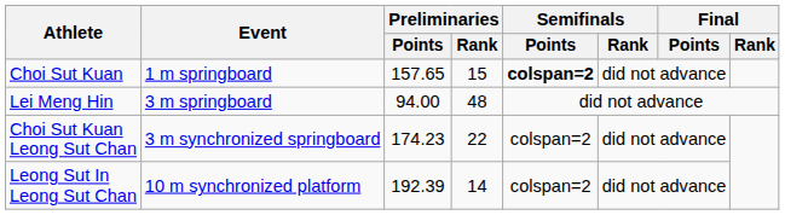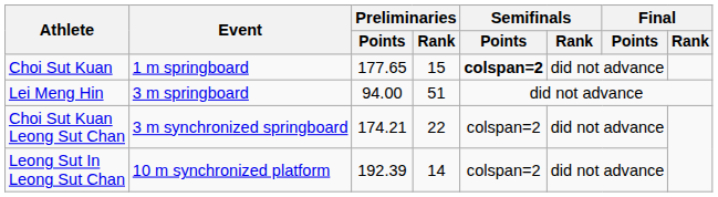 <table class="wikitable" style="text-align:center; font-size:90%">
 <tr>
 <th rowspan=2>Athlete</th>
 <th rowspan=2>Event</th>
 <th colspan=2>Preliminaries</th>
 <th colspan=2>Semifinals</th>
 <th colspan=2>Final</th>
 </tr>
 <tr style="font-size:95%">
 <th>Points</th>
 <th>Rank</th>
 <th>Points</th>
 <th>Rank</th>
 <th>Points</th>
 <th>Rank</th>
 </tr>
 <tr>
 <td align=left><a href='#'>Choi Sut Kuan</a></td>
 <td align=left><a href='#'>1 m springboard</a></td>
-<td>157.65</td>
+<td>177.65</td>
 <td>15</td>
 <td><strong>colspan=2 </strong></td>
 <td colspan=2>did not advance</td>
 </tr>
 <tr>
 <td align=left><a href='#'>Lei Meng Hin</a></td>
 <td align=left><a href='#'>3 m springboard</a></td>
 <td>94.00</td>
-<td>48</td>
+<td>51</td>
 <td colspan=4>did not advance</td>
 </tr>
 <tr>
 <td align=left><a href='#'>Choi Sut Kuan</a><br><a href='#'>Leong Sut Chan</a></td>
 <td align=left><a href='#'>3 m synchronized springboard</a></td>
-<td>174.23</td>
+<td>174.21</td>
 <td>22</td>
 <td>colspan=2 </td>
 <td colspan=2>did not advance</td>
 </tr>
 <tr>
 <td align=left><a href='#'>Leong Sut In</a><br><a href='#'>Leong Sut Chan</a></td>
 <td align=left><a href='#'>10 m synchronized platform</a></td>
 <td>192.39</td>
 <td>14</td>
 <td>colspan=2 </td>
 <td colspan=2>did not advance</td>
 </tr>
 </table>
